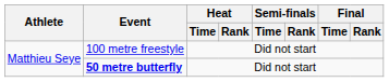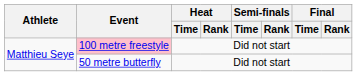 <table class="wikitable" style="font-size:90%; text-align:center">
 <tr>
 <th rowspan="2">Athlete</th>
 <th rowspan="2">Event</th>
 <th colspan="2">Heat</th>
 <th colspan="2">Semi-finals</th>
 <th colspan="2">Final</th>
 </tr>
 <tr>
 <th>Time</th>
 <th>Rank</th>
 <th>Time</th>
 <th>Rank</th>
 <th>Time</th>
 <th>Rank</th>
 </tr>
 <tr>
 <td align="left" rowspan="2"><a href='#'>Matthieu Seye</a></td>
-<td align="left"><a href='#'>100 metre freestyle</a></td>
+<td align="left" style="background: pink;"><a href='#'>100 metre freestyle</a></td>
 <td colspan="6">Did not start</td>
 </tr>
 <tr>
-<td align="left"><strong><a href='#'>50 metre butterfly</a></strong></td>
+<td align="left"><a href='#'>50 metre butterfly</a></td>
 <td colspan="6">Did not start</td>
 </tr>
 </table>
